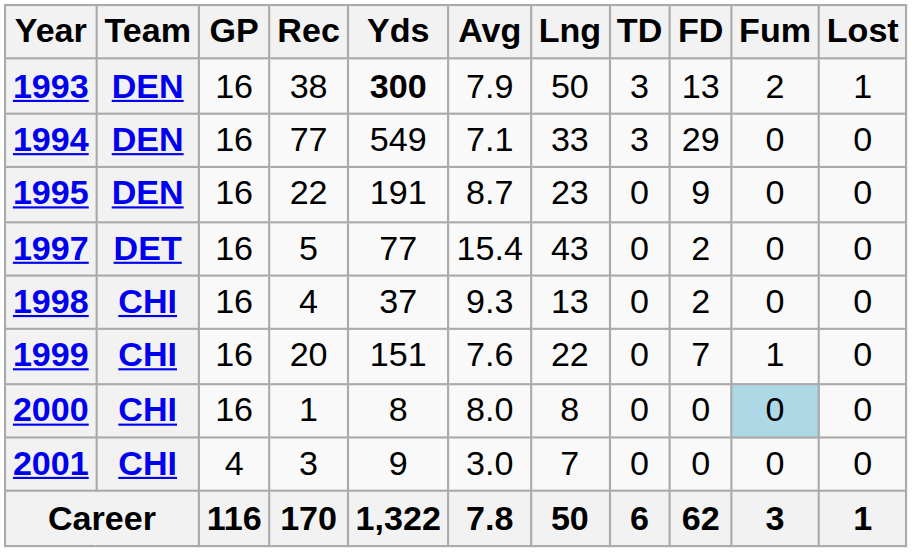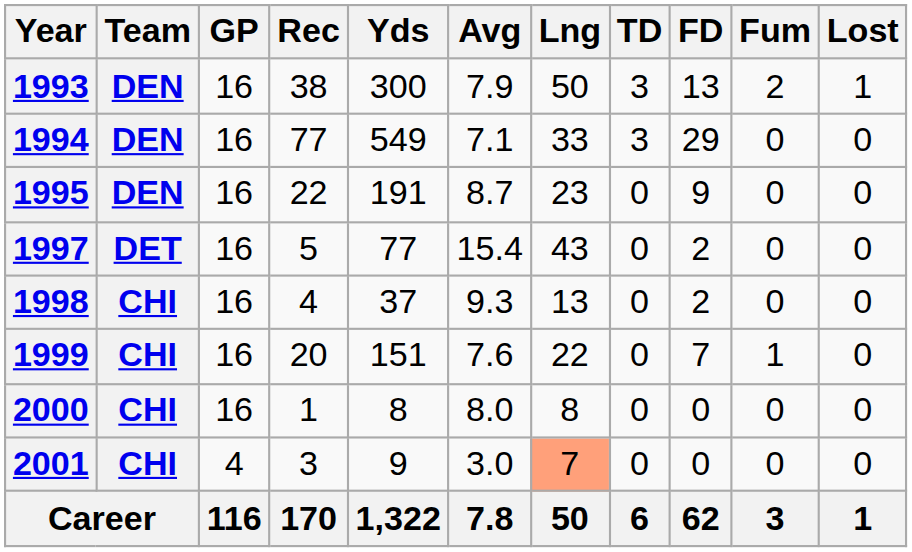 <table class="wikitable" style="text-align: center;">
 <tr>
 <th>Year</th>
 <th>Team</th>
 <th>GP</th>
 <th>Rec</th>
 <th>Yds</th>
 <th>Avg</th>
 <th>Lng</th>
 <th>TD</th>
 <th>FD</th>
 <th>Fum</th>
 <th>Lost</th>
 </tr>
 <tr>
 <th><a href='#'>1993</a></th>
 <th><a href='#'>DEN</a></th>
 <td>16</td>
 <td>38</td>
-<td><strong>300</strong></td>
+<td>300</td>
 <td>7.9</td>
 <td>50</td>
 <td>3</td>
 <td>13</td>
 <td>2</td>
 <td>1</td>
 </tr>
 <tr>
 <th><a href='#'>1994</a></th>
 <th><a href='#'>DEN</a></th>
 <td>16</td>
 <td>77</td>
 <td>549</td>
 <td>7.1</td>
 <td>33</td>
 <td>3</td>
 <td>29</td>
 <td>0</td>
 <td>0</td>
 </tr>
 <tr>
 <th><a href='#'>1995</a></th>
 <th><a href='#'>DEN</a></th>
 <td>16</td>
 <td>22</td>
 <td>191</td>
 <td>8.7</td>
 <td>23</td>
 <td>0</td>
 <td>9</td>
 <td>0</td>
 <td>0</td>
 </tr>
 <tr>
 <th><a href='#'>1997</a></th>
 <th><a href='#'>DET</a></th>
 <td>16</td>
 <td>5</td>
 <td>77</td>
 <td>15.4</td>
 <td>43</td>
 <td>0</td>
 <td>2</td>
 <td>0</td>
 <td>0</td>
 </tr>
 <tr>
 <th><a href='#'>1998</a></th>
 <th><a href='#'>CHI</a></th>
 <td>16</td>
 <td>4</td>
 <td>37</td>
 <td>9.3</td>
 <td>13</td>
 <td>0</td>
 <td>2</td>
 <td>0</td>
 <td>0</td>
 </tr>
 <tr>
 <th><a href='#'>1999</a></th>
 <th><a href='#'>CHI</a></th>
 <td>16</td>
 <td>20</td>
 <td>151</td>
 <td>7.6</td>
 <td>22</td>
 <td>0</td>
 <td>7</td>
 <td>1</td>
 <td>0</td>
 </tr>
 <tr>
 <th><a href='#'>2000</a></th>
 <th><a href='#'>CHI</a></th>
 <td>16</td>
 <td>1</td>
 <td>8</td>
 <td>8.0</td>
 <td>8</td>
 <td>0</td>
 <td>0</td>
-<td style="background: lightblue;">0</td>
+<td>0</td>
 <td>0</td>
 </tr>
 <tr>
 <th><a href='#'>2001</a></th>
 <th><a href='#'>CHI</a></th>
 <td>4</td>
 <td>3</td>
 <td>9</td>
 <td>3.0</td>
-<td>7</td>
+<td style="background: lightsalmon;">7</td>
 <td>0</td>
 <td>0</td>
 <td>0</td>
 <td>0</td>
 </tr>
 <tr>
 <th colspan="2">Career</th>
 <th>116</th>
 <th>170</th>
 <th>1,322</th>
 <th>7.8</th>
 <th>50</th>
 <th>6</th>
 <th>62</th>
 <th>3</th>
 <th>1</th>
 </tr>
 </table>
